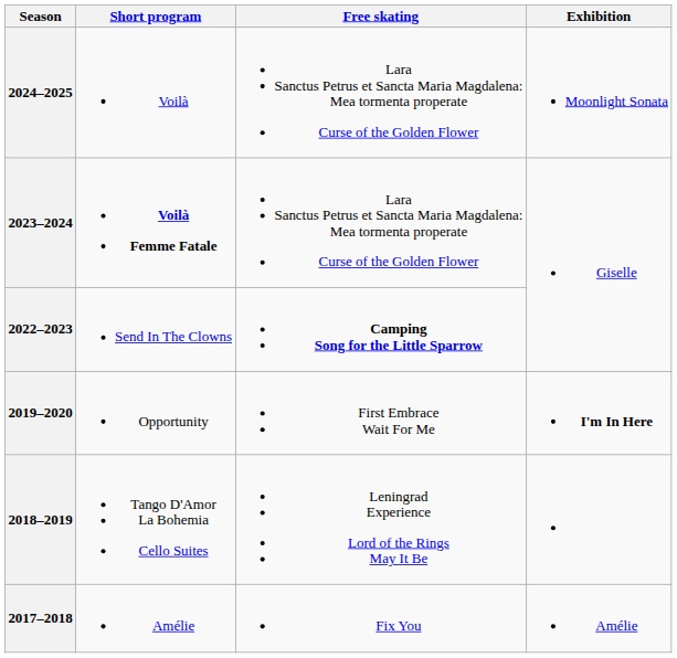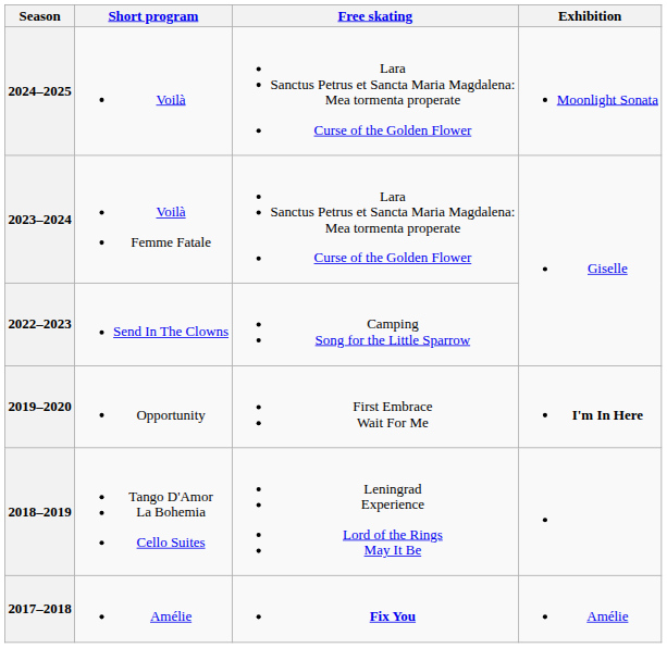 <table class=wikitable style=text-align:center>
 <tr>
 <th>Season</th>
 <th><a href='#'>Short program</a></th>
 <th><a href='#'>Free skating</a></th>
 <th>Exhibition</th>
 </tr>
 <tr>
 <th>2024–2025 <br> </th>
 <td><br><ul><li><a href='#'>Voilà</a><br></li></ul></td>
 <td><br><ul><li>Lara <br> </li><li>Sanctus Petrus et Sancta Maria Magdalena:<br>Mea tormenta properate<br></li></ul><ul><li><a href='#'>Curse of the Golden Flower</a> <br> </li></ul></td>
 <td><br><ul><li><a href='#'>Moonlight Sonata</a> <br></li></ul></td>
 </tr>
 <tr>
 <th>2023–2024 <br> </th>
-<td><strong><br><ul><li><a href='#'>Voilà</a><br></li></ul><ul><li>Femme Fatale <br> </li></ul></strong></td>
+<td><br><ul><li><a href='#'>Voilà</a><br></li></ul><ul><li>Femme Fatale <br> </li></ul></td>
 <td><br><ul><li>Lara <br> </li><li>Sanctus Petrus et Sancta Maria Magdalena:<br>Mea tormenta properate<br></li></ul><ul><li><a href='#'>Curse of the Golden Flower</a> <br> </li></ul></td>
 <td rowspan=2><br><ul><li><a href='#'>Giselle</a> <br> </li></ul></td>
 </tr>
 <tr>
 <th>2022–2023 <br> </th>
 <td><br><ul><li><a href='#'>Send In The Clowns</a> <br> </li></ul></td>
-<td><strong><br><ul><li>Camping <br> </li><li><a href='#'>Song for the Little Sparrow</a> <br> </li></ul></strong></td>
+<td><br><ul><li>Camping <br> </li><li><a href='#'>Song for the Little Sparrow</a> <br> </li></ul></td>
 </tr>
 <tr>
 <th>2019–2020 <br></th>
 <td><br><ul><li>Opportunity <br> </li></ul></td>
 <td><br><ul><li>First Embrace <br> </li><li>Wait For Me <br> </li></ul></td>
 <td><strong><br><ul><li>I'm In Here <br> </li></ul></strong></td>
 </tr>
 <tr>
 <th>2018–2019 <br></th>
 <td><br><ul><li>Tango D'Amor <br> </li><li>La Bohemia <br> </li></ul><ul><li><a href='#'>Cello Suites</a> <br> </li></ul></td>
 <td><br><ul><li>Leningrad <br> </li><li>Experience <br> </li></ul><ul><li><a href='#'>Lord of the Rings</a> <br> </li><li><a href='#'>May It Be</a> <br> </li></ul></td>
 <td><br><ul><li></li></ul></td>
 </tr>
 <tr>
 <th>2017–2018 <br></th>
 <td><br><ul><li><a href='#'>Amélie</a> <br> </li></ul></td>
-<td><br><ul><li><a href='#'>Fix You</a> <br> </li></ul></td>
+<td><strong><br><ul><li><a href='#'>Fix You</a> <br> </li></ul></strong></td>
 <td><br><ul><li><a href='#'>Amélie</a> <br> </li></ul></td>
 </tr>
 </table>
